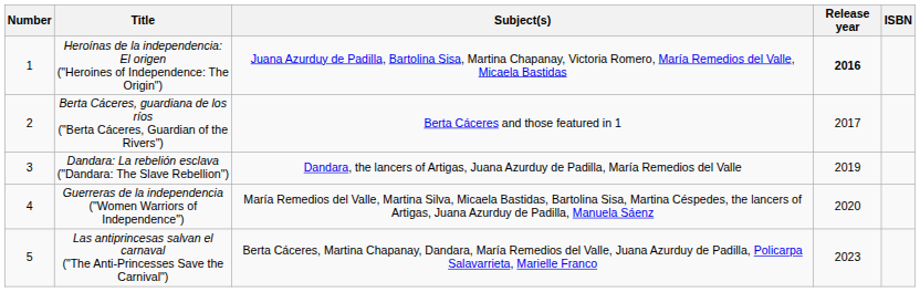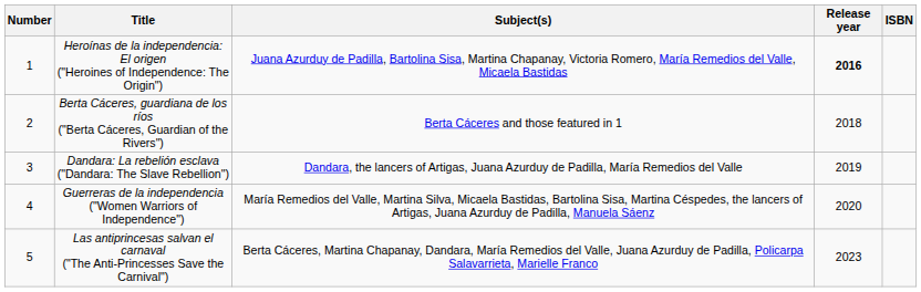 <table class="wikitable sortable" style="text-align: center;">
 <tr>
 <th scope="col">Number</th>
 <th scope="col">Title</th>
 <th class="unsortable" scope="col">Subject(s)</th>
 <th scope="col">Release year</th>
 <th scope="col">ISBN</th>
 </tr>
 <tr>
 <td>1</td>
 <td><em>Heroínas de la independencia: El origen</em><br>("Heroines of Independence: The Origin")</td>
 <td><a href='#'>Juana Azurduy de Padilla</a>, <a href='#'>Bartolina Sisa</a>, Martina Chapanay, Victoria Romero, <a href='#'>María Remedios del Valle</a>, <a href='#'>Micaela Bastidas</a></td>
 <td><strong>2016</strong></td>
 <td></td>
 </tr>
 <tr>
 <td>2</td>
 <td><em>Berta Cáceres, guardiana de los ríos</em><br>("Berta Cáceres, Guardian of the Rivers")</td>
 <td><a href='#'>Berta Cáceres</a> and those featured in  1</td>
-<td>2017</td>
+<td>2018</td>
 <td></td>
 </tr>
 <tr>
 <td>3</td>
 <td><em>Dandara: La rebelión esclava</em><br>("Dandara: The Slave Rebellion")</td>
 <td><a href='#'>Dandara</a>, the lancers of Artigas, Juana Azurduy de Padilla, María Remedios del Valle</td>
 <td>2019</td>
 <td></td>
 </tr>
 <tr>
 <td>4</td>
 <td><em>Guerreras de la independencia</em><br>("Women Warriors of Independence")</td>
 <td>María Remedios del Valle, Martina Silva, Micaela Bastidas, Bartolina Sisa, Martina Céspedes, the lancers of Artigas, Juana Azurduy de Padilla, <a href='#'>Manuela Sáenz</a></td>
 <td>2020</td>
 <td></td>
 </tr>
 <tr>
 <td>5</td>
 <td><em>Las antiprincesas salvan el carnaval</em><br>("The Anti-Princesses Save the Carnival")</td>
 <td>Berta Cáceres, Martina Chapanay, Dandara, María Remedios del Valle, Juana Azurduy de Padilla, <a href='#'>Policarpa Salavarrieta</a>, <a href='#'>Marielle Franco</a></td>
 <td>2023</td>
 <td></td>
 </tr>
 </table>
